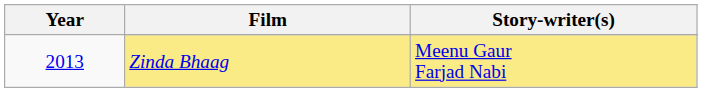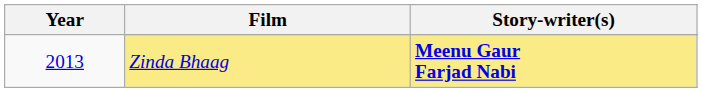 <table class="wikitable">
 <tr>
 <th width="8%">Year</th>
 <th width="19%">Film</th>
 <th width="19%">Story-writer(s)</th>
 </tr>
 <tr>
 <td rowspan=2 style="text-align:center"><a href='#'>2013</a><br></td>
 </tr>
 <tr style="background:#FAEB86">
 <td><em><a href='#'>Zinda Bhaag</a></em></td>
-<td><a href='#'>Meenu Gaur</a><br><a href='#'>Farjad Nabi</a></td>
+<td><strong><a href='#'>Meenu Gaur</a><br><a href='#'>Farjad Nabi</a></strong></td>
 </tr>
 </table>
